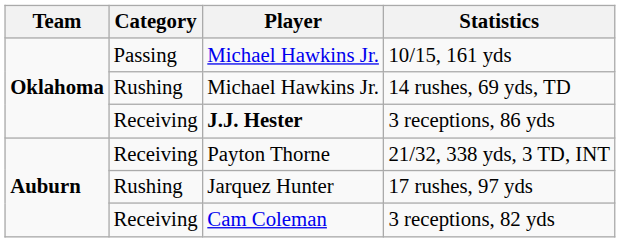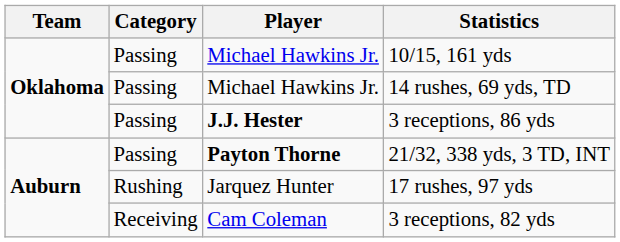 <table class="wikitable" style="float: right;">
 <tr>
 <th>Team</th>
 <th>Category</th>
 <th>Player</th>
 <th>Statistics</th>
 </tr>
 <tr>
 <td rowspan=3><strong>Oklahoma</strong></td>
 <td>Passing</td>
 <td><a href='#'>Michael Hawkins Jr.</a></td>
 <td>10/15, 161 yds</td>
 </tr>
 <tr>
-<td>Rushing</td>
+<td>Passing</td>
 <td>Michael Hawkins Jr.</td>
 <td>14 rushes, 69 yds, TD</td>
 </tr>
 <tr>
-<td>Receiving</td>
+<td>Passing</td>
 <td><strong>J.J. Hester</strong></td>
 <td>3 receptions, 86 yds</td>
 </tr>
 <tr>
 <td rowspan=3><strong>Auburn</strong></td>
-<td>Receiving</td>
-<td>Payton Thorne</td>
+<td>Passing</td>
+<td><strong>Payton Thorne</strong></td>
 <td>21/32, 338 yds, 3 TD, INT</td>
 </tr>
 <tr>
 <td>Rushing</td>
 <td>Jarquez Hunter</td>
 <td>17 rushes, 97 yds</td>
 </tr>
 <tr>
 <td>Receiving</td>
 <td><a href='#'>Cam Coleman</a></td>
 <td>3 receptions, 82 yds</td>
 </tr>
 </table>
